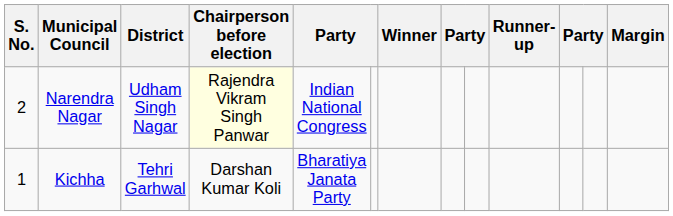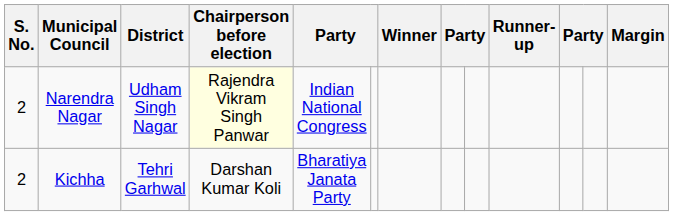 <table class="wikitable sortable">
 <tr style="text-align:center; height:45px;">
 <th scope="col">S. No.</th>
 <th>Municipal Council</th>
 <th>District</th>
 <th>Chairperson before election</th>
 <th colspan=2>Party</th>
 <th>Winner</th>
 <th colspan=2>Party</th>
 <th>Runner-up</th>
 <th colspan=2>Party</th>
 <th>Margin</th>
 </tr>
 <tr style="text-align:center; height:30px;">
 <td>2</td>
 <td><a href='#'>Narendra Nagar</a></td>
 <td><a href='#'>Udham Singh Nagar</a></td>
 <td style="background: lightyellow;">Rajendra Vikram Singh Panwar</td>
 <td><a href='#'>Indian National Congress</a></td>
 <td width="4px" style="background-color: "></td>
 <td></td>
 <td></td>
 <td></td>
 <td></td>
 <td></td>
 <td></td>
 <td></td>
 </tr>
 <tr style="text-align:center; height:30px;">
-<td>1</td>
+<td>2</td>
 <td><a href='#'>Kichha</a></td>
 <td><a href='#'>Tehri Garhwal</a></td>
 <td>Darshan Kumar Koli</td>
 <td><a href='#'>Bharatiya Janata Party</a></td>
 <td width="4px" style="background-color: "></td>
 <td></td>
 <td></td>
 <td></td>
 <td></td>
 <td></td>
 <td></td>
 <td></td>
 </tr>
 </table>
